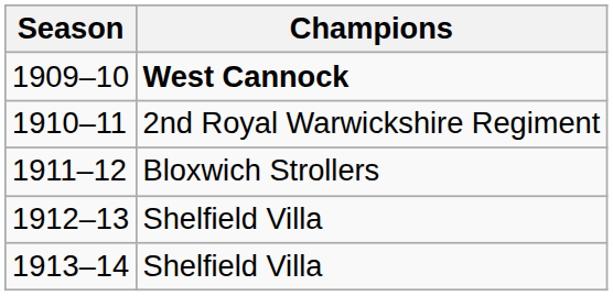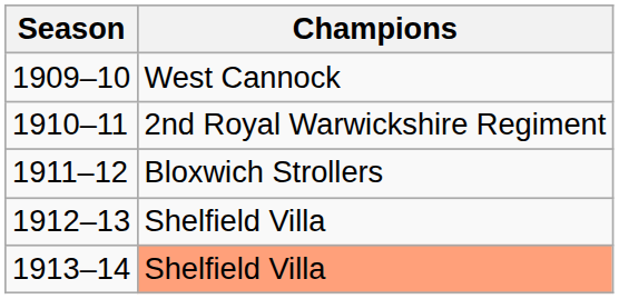 <table class=wikitable>
 <tr>
 <th>Season</th>
 <th>Champions</th>
 </tr>
 <tr>
 <td>1909–10</td>
-<td><strong>West Cannock</strong></td>
+<td>West Cannock</td>
 </tr>
 <tr>
 <td>1910–11</td>
 <td>2nd Royal Warwickshire Regiment</td>
 </tr>
 <tr>
 <td>1911–12</td>
 <td>Bloxwich Strollers</td>
 </tr>
 <tr>
 <td>1912–13</td>
 <td>Shelfield Villa</td>
 </tr>
 <tr>
 <td>1913–14</td>
-<td>Shelfield Villa</td>
+<td style="background: lightsalmon;">Shelfield Villa</td>
 </tr>
 </table>
